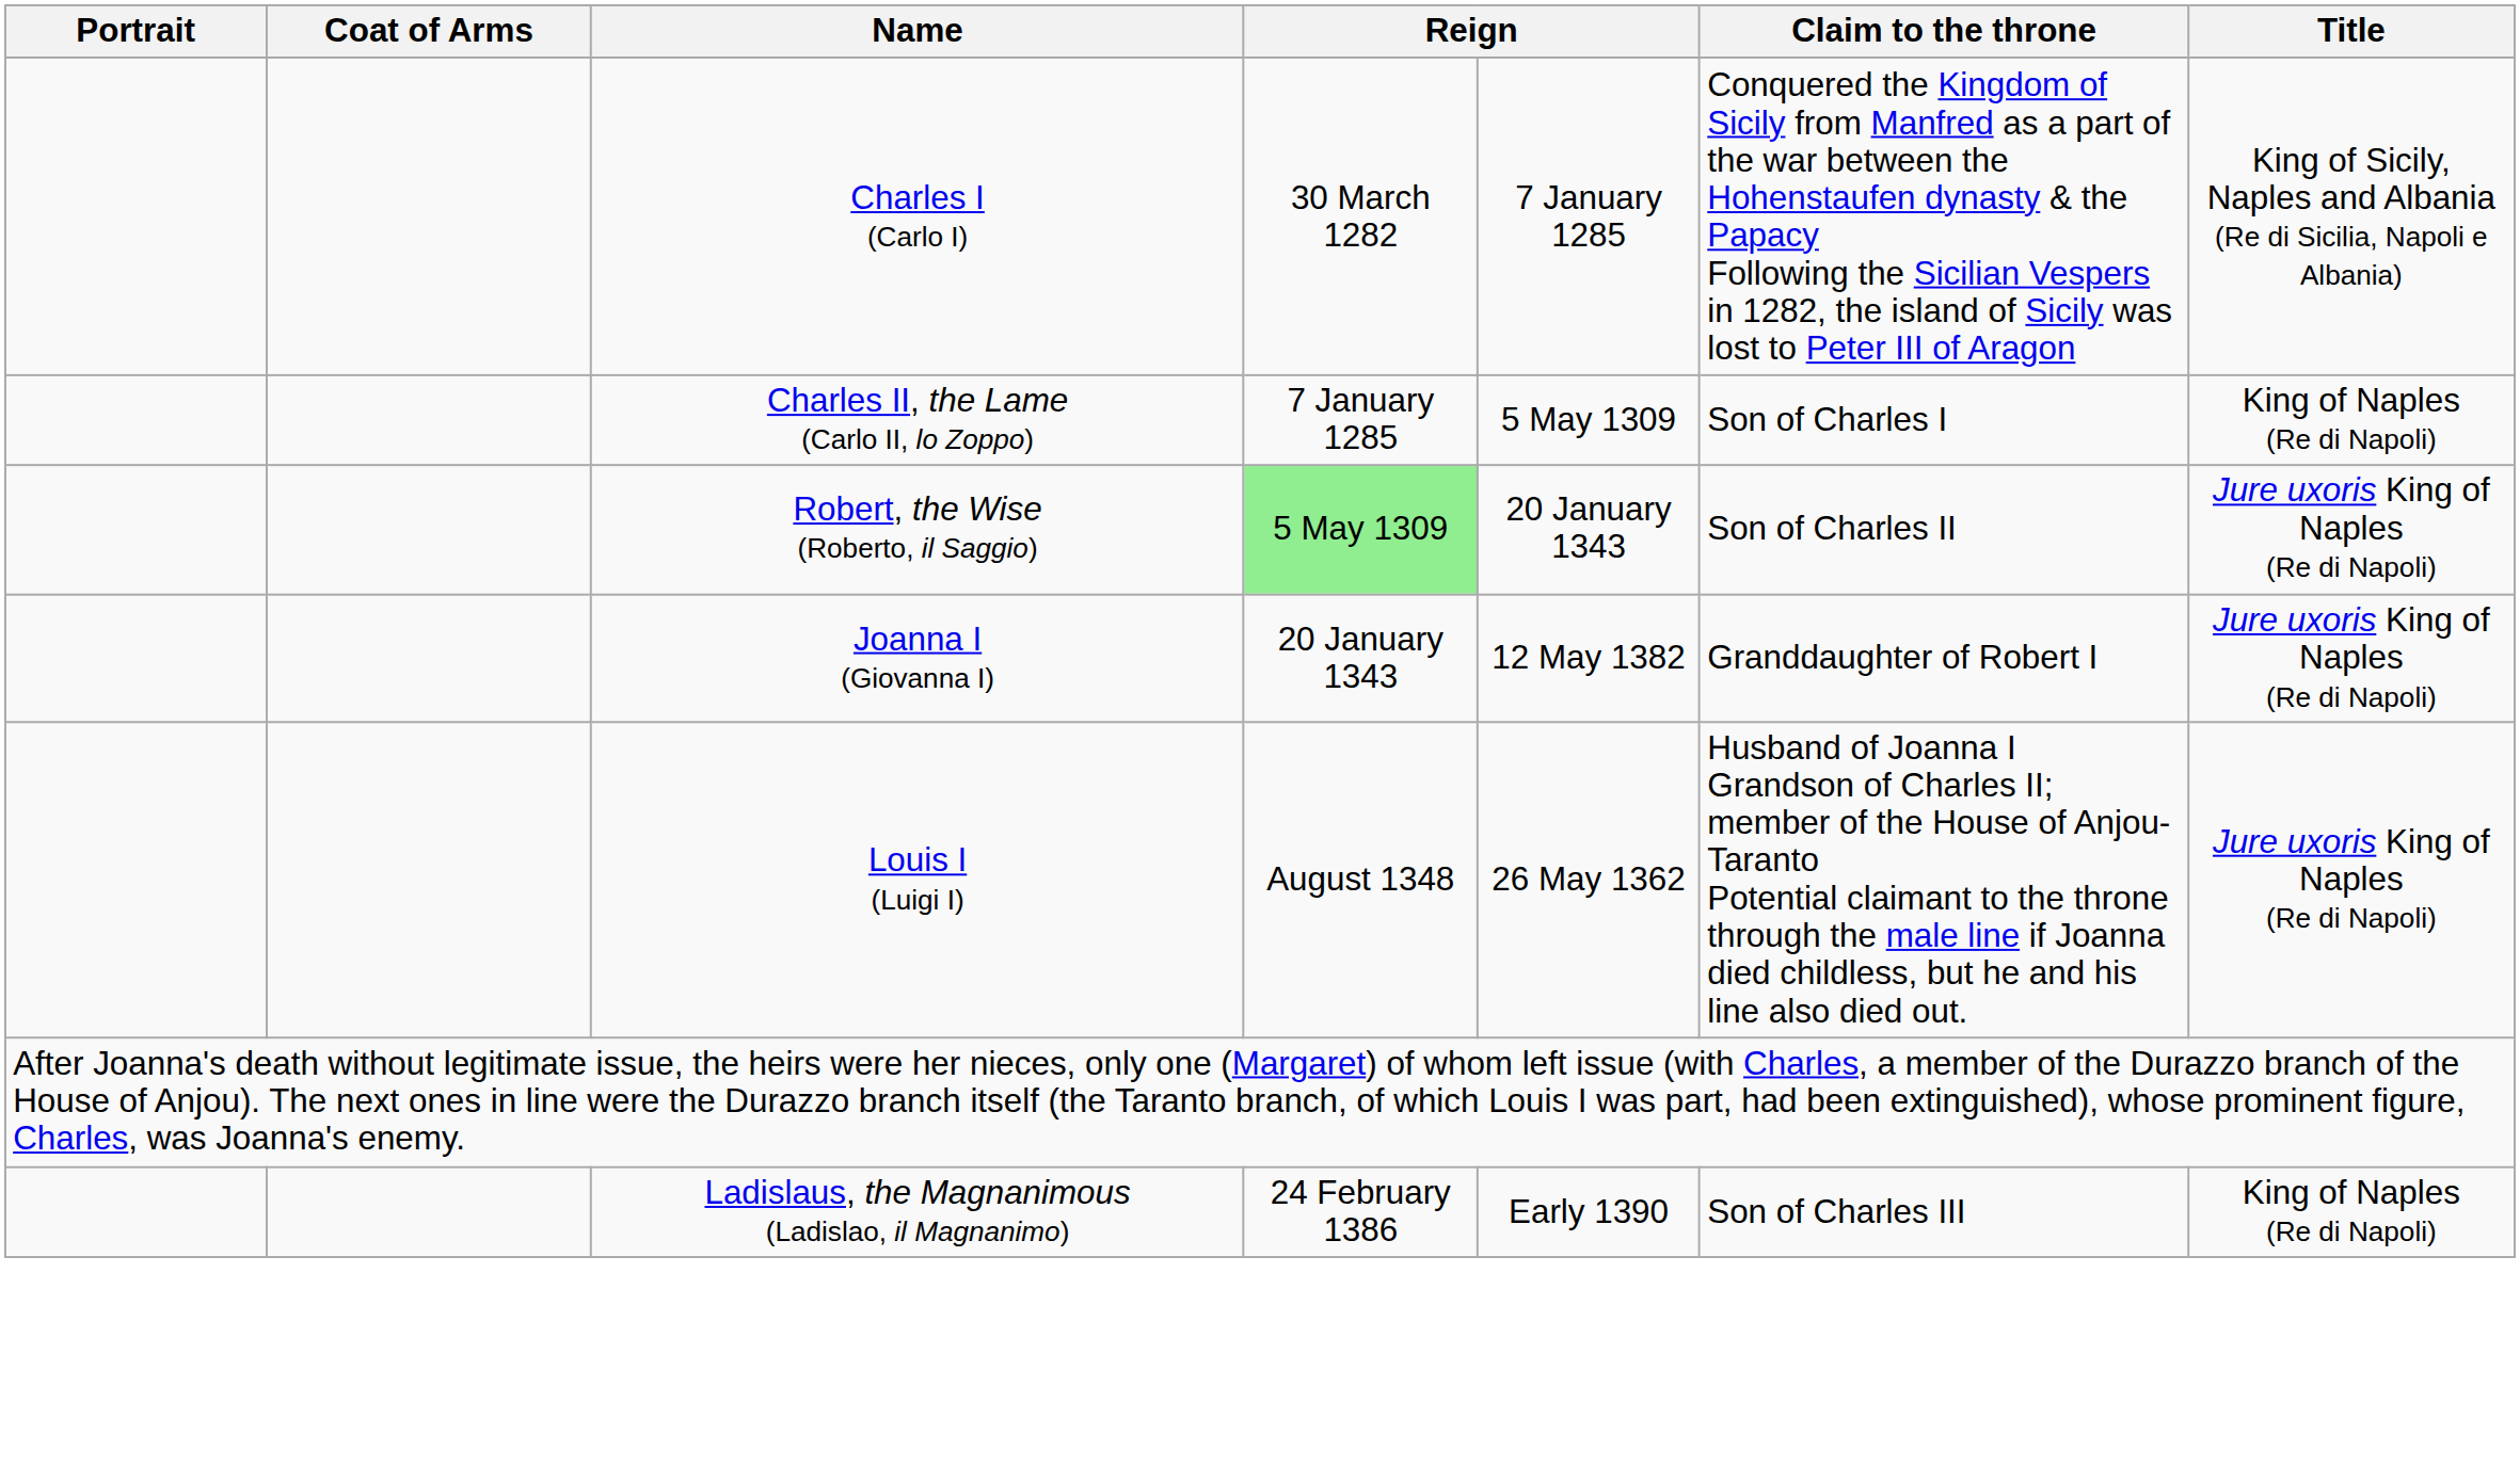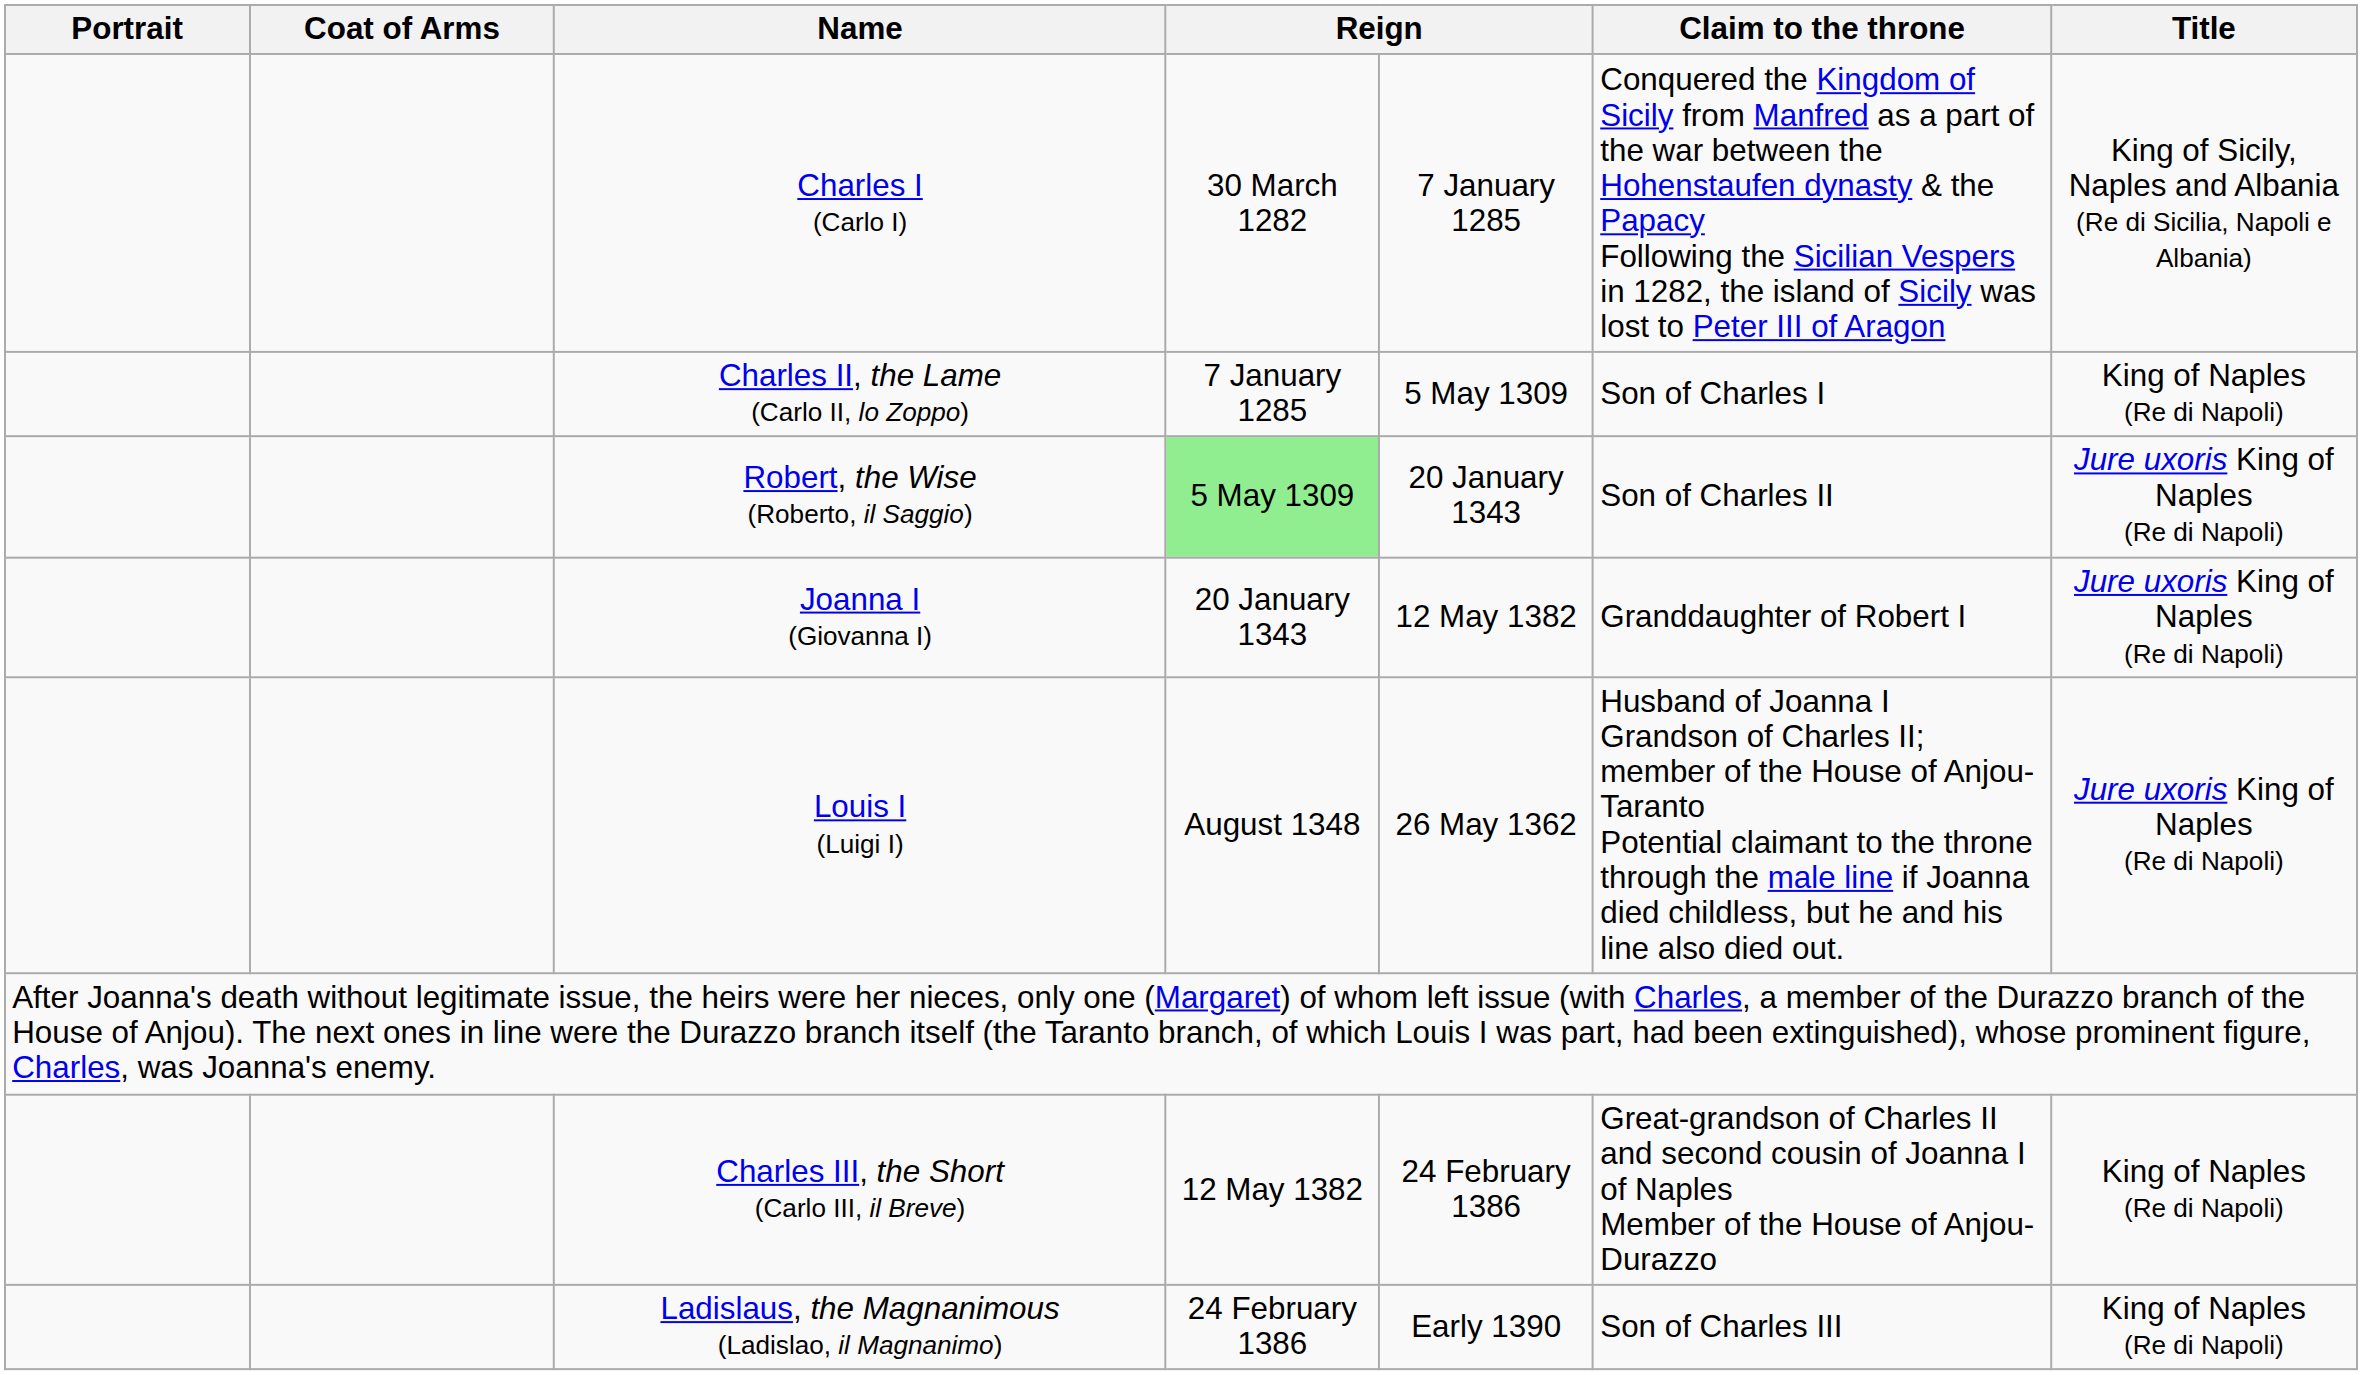 <table width=95% class="wikitable">
 <tr>
 <th width=8%>Portrait</th>
 <th width=10%>Coat of Arms</th>
 <th width=20%>Name</th>
 <th colspan=2 width=14%>Reign</th>
 <th width=15%>Claim to the throne</th>
 <th width=10%>Title</th>
 </tr>
 <tr>
 <td align="center"></td>
 <td align="center"></td>
 <td align="center"><a href='#'>Charles I</a><br><small>(Carlo I)</small></td>
 <td align="center">30 March 1282</td>
 <td align="center">7 January 1285</td>
 <td>Conquered the <a href='#'>Kingdom of Sicily</a> from <a href='#'>Manfred</a> as a part of the war between the <a href='#'>Hohenstaufen dynasty</a> & the <a href='#'>Papacy</a><br>Following the <a href='#'>Sicilian Vespers</a> in 1282, the island of <a href='#'>Sicily</a> was lost to <a href='#'>Peter III of Aragon</a></td>
 <td align="center">King of Sicily, Naples and Albania <br><small>(Re di Sicilia, Napoli e Albania)</small></td>
 </tr>
 <tr>
 <td align="center"></td>
 <td align="center"></td>
 <td align="center"><a href='#'>Charles II</a>, <em>the Lame</em><br><small>(Carlo II, <em>lo Zoppo</em>)</small></td>
 <td align="center">7 January 1285</td>
 <td align="center">5 May 1309</td>
 <td>Son of Charles I</td>
 <td align="center">King of Naples<br><small>(Re di Napoli)</small></td>
 </tr>
 <tr>
 <td align="center"></td>
 <td align="center"></td>
 <td align="center"><a href='#'>Robert</a>, <em>the Wise</em><br><small>(Roberto, <em>il Saggio</em>)</small></td>
 <td align="center" style="background: lightgreen;">5 May 1309</td>
 <td align="center">20 January 1343</td>
 <td>Son of Charles II</td>
 <td align="center"><em><a href='#'>Jure uxoris</a></em> King of Naples <br><small>(Re di Napoli)</small></td>
 </tr>
 <tr>
 <td align="center"></td>
 <td align="center"></td>
 <td align="center"><a href='#'>Joanna I</a> <br><small>(Giovanna I)</small></td>
 <td align="center">20 January 1343</td>
 <td align="center">12 May 1382</td>
 <td> Granddaughter of Robert I</td>
 <td align="center"><em><a href='#'>Jure uxoris</a></em> King of Naples <br><small>(Re di Napoli)</small></td>
 </tr>
 <tr>
 <td align="center"></td>
 <td align="center"></td>
 <td align="center"><a href='#'>Louis I</a> <br><small>(Luigi I)</small></td>
 <td align="center">August 1348</td>
 <td align="center">26 May 1362</td>
 <td>Husband of Joanna I<br>Grandson of Charles II; member of the House of Anjou-Taranto <br> Potential claimant to the throne through the <a href='#'>male line</a> if Joanna died childless, but he and his line also died out.</td>
 <td align="center"><em><a href='#'>Jure uxoris</a></em> King of Naples <br><small>(Re di Napoli)</small></td>
 </tr>
 <tr>
 <td colspan="7">After Joanna's death without legitimate issue, the heirs were her nieces, only one (<a href='#'>Margaret</a>) of whom left issue (with <a href='#'>Charles</a>, a member of the Durazzo branch of the House of Anjou). The next ones in line were the Durazzo branch itself (the Taranto branch, of which Louis I was part, had been extinguished), whose prominent figure, <a href='#'>Charles</a>, was Joanna's enemy.</td>
 </tr>
 <tr>
 <td align="center"></td>
 <td align="center"></td>
+<td align="center"><a href='#'>Charles III</a>, <em>the Short</em><br><small>(Carlo III, <em>il Breve</em>)</small></td>
+<td align="center">12 May 1382</td>
+<td align="center">24 February 1386</td>
+<td> Great-grandson of Charles II and second cousin of Joanna I of Naples<br>Member of the House of Anjou-Durazzo</td>
+<td align="center">King of Naples<br><small>(Re di Napoli)</small></td>
+</tr>
+<tr>
+<td align="center"></td>
+<td align="center"></td>
 <td align="center"><a href='#'>Ladislaus</a>, <em>the Magnanimous</em><br><small>(Ladislao, <em>il Magnanimo</em>)</small></td>
 <td align="center">24 February 1386</td>
 <td align="center">Early 1390</td>
 <td> Son of Charles III</td>
 <td align="center">King of Naples<br><small>(Re di Napoli)</small></td>
 </tr>
 </table>
